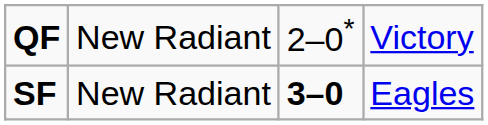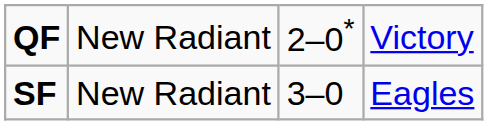 <table class="wikitable" style="font-size:95%">
 <tr>
 <td><strong>QF</strong></td>
 <td align=right>New Radiant</td>
 <td>2–0<sup>*</sup></td>
 <td><a href='#'>Victory</a></td>
 </tr>
 <tr>
 <td><strong>SF</strong></td>
 <td align=right>New Radiant</td>
-<td><strong>3–0</strong></td>
+<td>3–0</td>
 <td><a href='#'>Eagles</a></td>
 </tr>
 </table>
